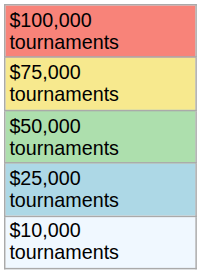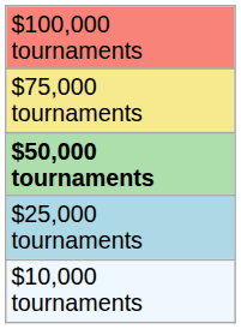 <table class="wikitable"  style="font-size:85%; width:15%;">
 <tr style="background:#f88379;">
 <td>$100,000 tournaments</td>
 </tr>
 <tr style="background:#f7e98e;">
 <td>$75,000 tournaments</td>
 </tr>
 <tr style="background:#addfad;">
-<td>$50,000 tournaments</td>
+<td><strong>$50,000 tournaments</strong></td>
 </tr>
 <tr style="background:lightblue;">
 <td>$25,000 tournaments</td>
 </tr>
 <tr style="background:#f0f8ff;">
 <td>$10,000 tournaments</td>
 </tr>
 </table>
